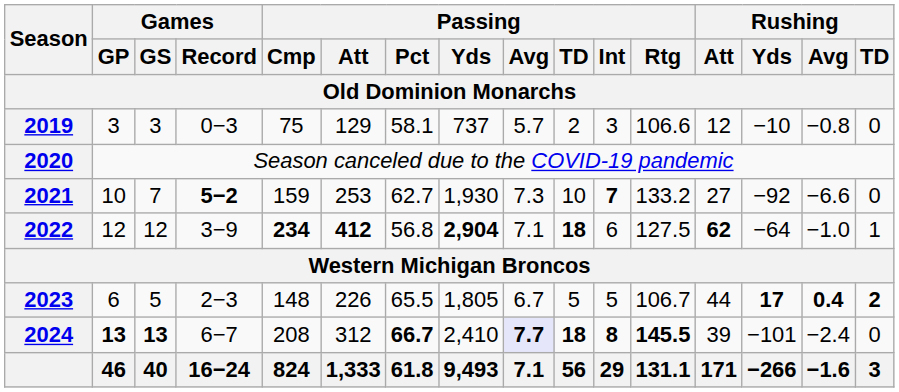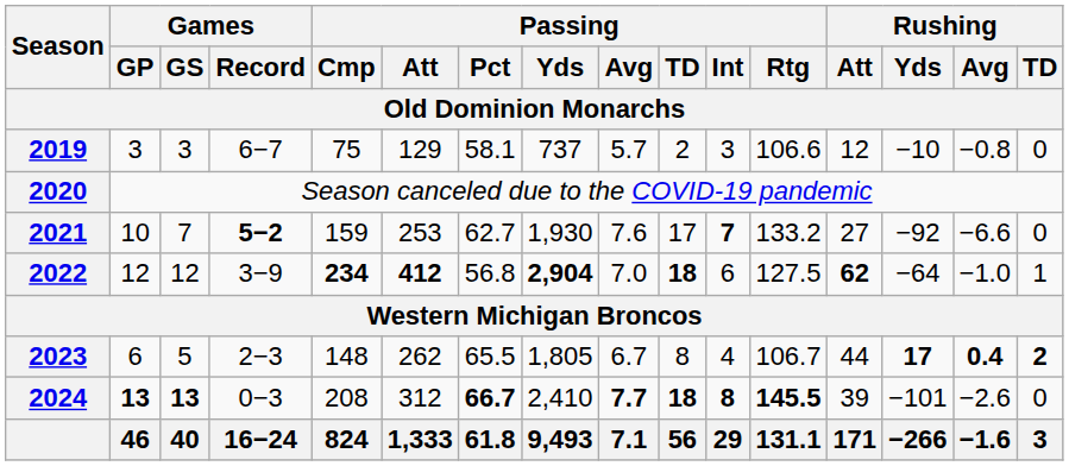 <table class="wikitable" style="text-align:center;">
 <tr>
 <th rowspan="2">Season</th>
 <th colspan="3">Games</th>
 <th colspan="8">Passing</th>
 <th colspan="5">Rushing</th>
 </tr>
 <tr>
 <th>GP</th>
 <th>GS</th>
 <th>Record</th>
 <th>Cmp</th>
 <th>Att</th>
 <th>Pct</th>
 <th>Yds</th>
 <th>Avg</th>
 <th>TD</th>
 <th>Int</th>
 <th>Rtg</th>
 <th>Att</th>
 <th>Yds</th>
 <th>Avg</th>
 <th>TD</th>
 </tr>
 <tr>
 <th colspan="16">Old Dominion Monarchs</th>
 </tr>
 <tr>
 <th><a href='#'>2019</a></th>
 <td>3</td>
 <td>3</td>
-<td>0−3</td>
+<td>6−7</td>
 <td>75</td>
 <td>129</td>
 <td>58.1</td>
 <td>737</td>
 <td>5.7</td>
 <td>2</td>
 <td>3</td>
 <td>106.6</td>
 <td>12</td>
 <td>−10</td>
 <td>−0.8</td>
 <td>0</td>
 </tr>
 <tr>
 <th><a href='#'>2020</a></th>
 <td colspan="16"><em>Season canceled due to the <a href='#'>COVID-19 pandemic</a></em></td>
 </tr>
 <tr>
 <th><a href='#'>2021</a></th>
 <td>10</td>
 <td>7</td>
 <td><strong>5−2</strong></td>
 <td>159</td>
 <td>253</td>
 <td>62.7</td>
 <td>1,930</td>
-<td>7.3</td>
-<td>10</td>
+<td>7.6</td>
+<td>17</td>
 <td><strong>7</strong></td>
 <td>133.2</td>
 <td>27</td>
 <td>−92</td>
 <td>−6.6</td>
 <td>0</td>
 </tr>
 <tr>
 <th><a href='#'>2022</a></th>
 <td>12</td>
 <td>12</td>
 <td>3−9</td>
 <td><strong>234</strong></td>
 <td><strong>412</strong></td>
 <td>56.8</td>
 <td><strong>2,904</strong></td>
-<td>7.1</td>
+<td>7.0</td>
 <td><strong>18</strong></td>
 <td>6</td>
 <td>127.5</td>
 <td><strong>62</strong></td>
 <td>−64</td>
 <td>−1.0</td>
 <td>1</td>
 </tr>
 <tr>
 <th colspan="16">Western Michigan Broncos</th>
 </tr>
 <tr>
 <th><a href='#'>2023</a></th>
 <td>6</td>
 <td>5</td>
 <td>2−3</td>
 <td>148</td>
-<td>226</td>
+<td>262</td>
 <td>65.5</td>
 <td>1,805</td>
 <td>6.7</td>
-<td>5</td>
-<td>5</td>
+<td>8</td>
+<td>4</td>
 <td>106.7</td>
 <td>44</td>
 <td><strong>17</strong></td>
 <td><strong>0.4</strong></td>
 <td><strong>2</strong></td>
 </tr>
 <tr>
 <th><a href='#'>2024</a></th>
 <td><strong>13</strong></td>
 <td><strong>13</strong></td>
-<td>6−7</td>
+<td>0−3</td>
 <td>208</td>
 <td>312</td>
 <td><strong>66.7</strong></td>
 <td>2,410</td>
-<td style="background: lavender;"><strong>7.7</strong></td>
+<td><strong>7.7</strong></td>
 <td><strong>18</strong></td>
 <td><strong>8</strong></td>
 <td><strong>145.5</strong></td>
 <td>39</td>
 <td>−101</td>
-<td>−2.4</td>
+<td>−2.6</td>
 <td>0</td>
 </tr>
 <tr>
 <th></th>
 <th>46</th>
 <th>40</th>
 <th>16−24</th>
 <th>824</th>
 <th>1,333</th>
 <th>61.8</th>
 <th>9,493</th>
 <th>7.1</th>
 <th>56</th>
 <th>29</th>
 <th>131.1</th>
 <th>171</th>
 <th>−266</th>
 <th>−1.6</th>
 <th>3</th>
 </tr>
 </table>
